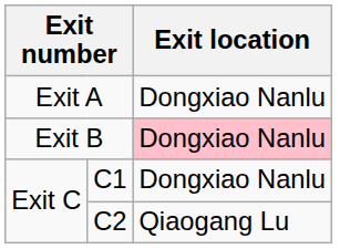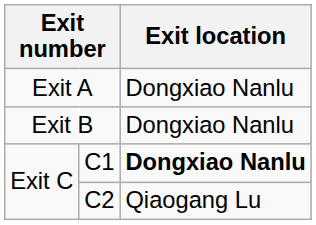 <table class="wikitable">
 <tr>
 <th style="width:70px" colspan="2">Exit number</th>
 <th>Exit location</th>
 </tr>
 <tr>
 <td align="center" colspan="2">Exit A</td>
 <td>Dongxiao Nanlu</td>
 </tr>
 <tr>
 <td align="center" colspan="2">Exit B</td>
-<td style="background: pink;">Dongxiao Nanlu</td>
+<td>Dongxiao Nanlu</td>
 </tr>
 <tr>
 <td align="center" rowspan="2">Exit C</td>
 <td>C1</td>
-<td>Dongxiao Nanlu</td>
+<td><strong>Dongxiao Nanlu</strong></td>
 </tr>
 <tr>
 <td>C2</td>
 <td>Qiaogang Lu</td>
 </tr>
 </table>
